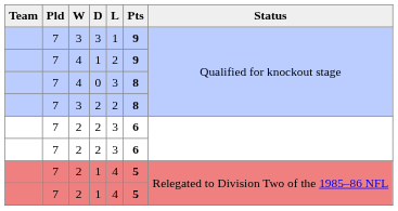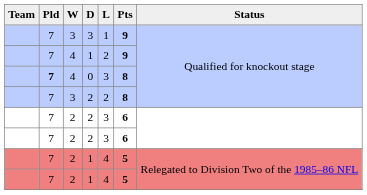 <table style=border-collapse:collapse border=1 cellspacing=0 cellpadding=5>
 <tr align=center bgcolor=#efefef>
 <th>Team</th>
 <th>Pld</th>
 <th>W</th>
 <th>D</th>
 <th>L</th>
 <th>Pts</th>
 <th>Status</th>
 </tr>
 <tr align=center style="background:#bbccff;">
 <td style="text-align:left;"> </td>
 <td>7</td>
 <td>3</td>
 <td>3</td>
 <td>1</td>
 <td><strong>9</strong></td>
 <td rowspan=4>Qualified for knockout stage</td>
 </tr>
 <tr align=center style="background:#bbccff;">
 <td style="text-align:left;"> </td>
 <td>7</td>
 <td>4</td>
 <td>1</td>
 <td>2</td>
 <td><strong>9</strong></td>
 </tr>
 <tr align=center style="background:#bbccff;">
 <td style="text-align:left;"> </td>
-<td>7</td>
+<td><strong>7</strong></td>
 <td>4</td>
 <td>0</td>
 <td>3</td>
 <td><strong>8</strong></td>
 </tr>
 <tr align=center style="background:#bbccff;">
 <td style="text-align:left;"> </td>
 <td>7</td>
 <td>3</td>
 <td>2</td>
 <td>2</td>
 <td><strong>8</strong></td>
 </tr>
 <tr align=center style="background:#FFFFFF;">
 <td style="text-align:left;"> </td>
 <td>7</td>
 <td>2</td>
 <td>2</td>
 <td>3</td>
 <td><strong>6</strong></td>
 <td rowspan=2></td>
 </tr>
 <tr align=center style="background:#FFFFFF;">
 <td style="text-align:left;"> </td>
 <td>7</td>
 <td>2</td>
 <td>2</td>
 <td>3</td>
 <td><strong>6</strong></td>
 </tr>
 <tr align=center style="background:#F08080;">
 <td style="text-align:left;"> </td>
 <td>7</td>
 <td>2</td>
 <td>1</td>
 <td>4</td>
 <td><strong>5</strong></td>
 <td rowspan=2>Relegated to Division Two of the <a href='#'>1985–86 NFL</a></td>
 </tr>
 <tr align=center style="background:#F08080;">
 <td style="text-align:left;"> </td>
 <td>7</td>
 <td>2</td>
 <td>1</td>
 <td>4</td>
 <td><strong>5</strong></td>
 </tr>
 </table>
